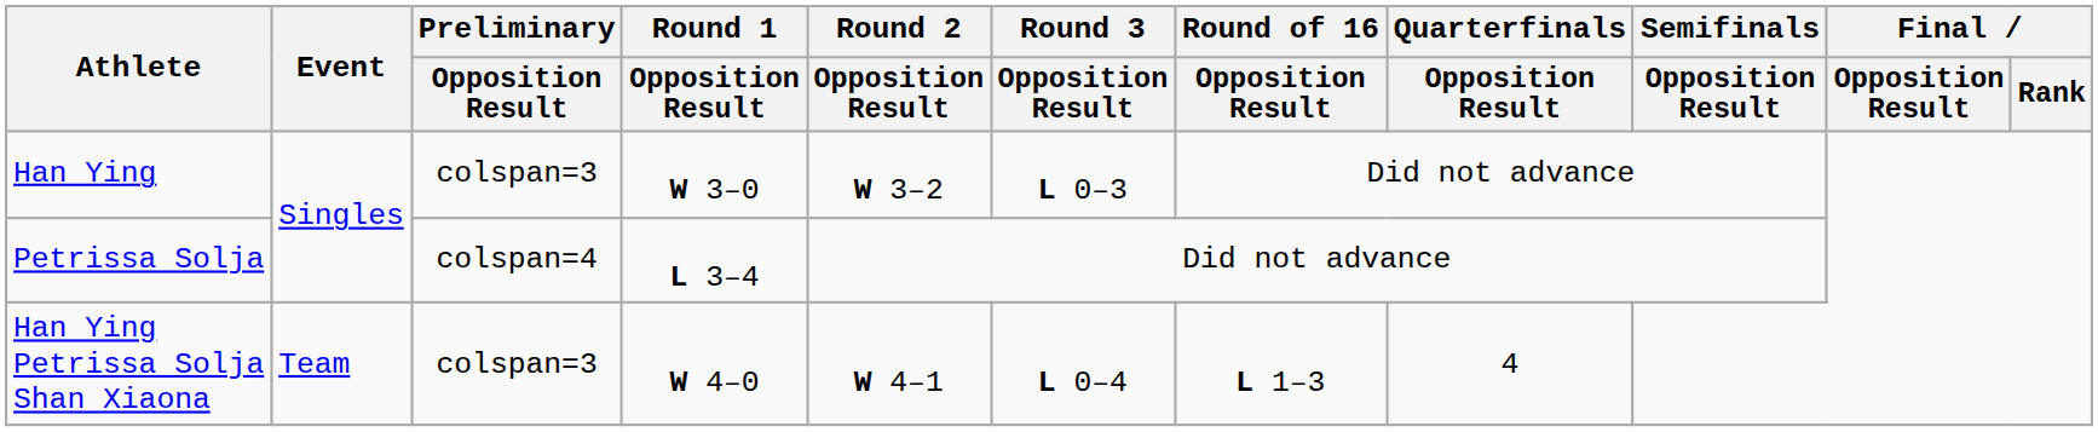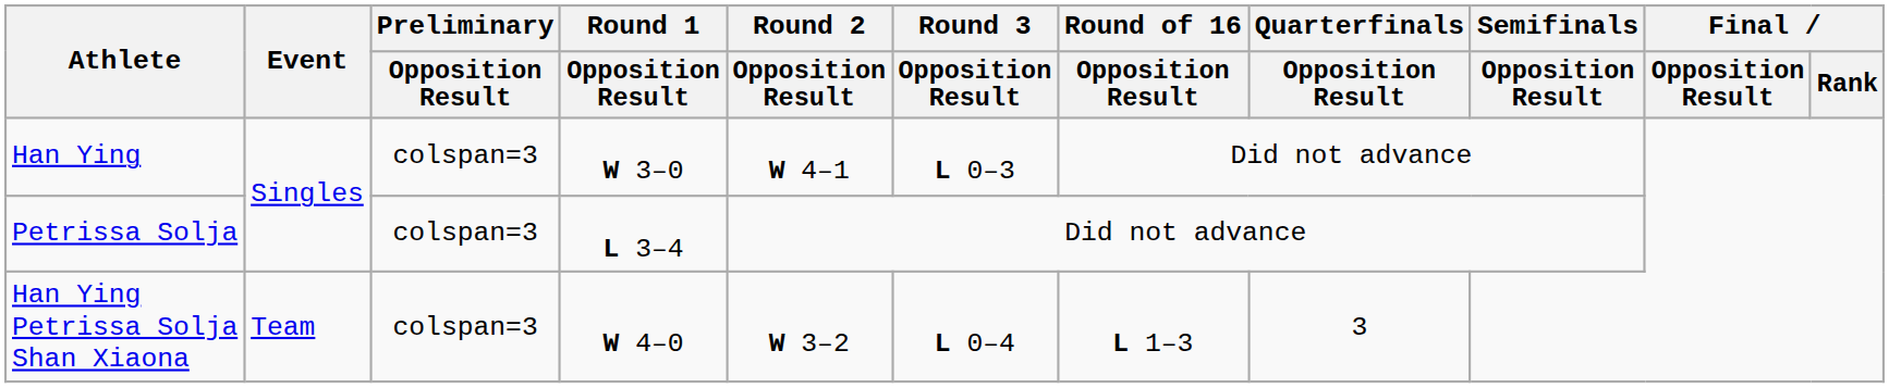 <table class="wikitable" style="font-size:90%">
 <tr>
 <th rowspan=2>Athlete</th>
 <th rowspan=2>Event</th>
 <th>Preliminary</th>
 <th>Round 1</th>
 <th>Round 2</th>
 <th>Round 3</th>
 <th>Round of 16</th>
 <th>Quarterfinals</th>
 <th>Semifinals</th>
 <th colspan=2>Final / </th>
 </tr>
 <tr style="font-size:95%">
 <th>Opposition<br>Result</th>
 <th>Opposition<br>Result</th>
 <th>Opposition<br>Result</th>
 <th>Opposition<br>Result</th>
 <th>Opposition<br>Result</th>
 <th>Opposition<br>Result</th>
 <th>Opposition<br>Result</th>
 <th>Opposition<br>Result</th>
 <th>Rank</th>
 </tr>
 <tr align=center>
 <td align=left><a href='#'>Han Ying</a></td>
 <td align=left rowspan=2><a href='#'>Singles</a></td>
 <td>colspan=3 </td>
 <td><br><strong>W</strong> 3–0</td>
-<td><br><strong>W</strong> 3–2</td>
+<td><br><strong>W</strong> 4–1</td>
 <td><br><strong>L</strong> 0–3</td>
 <td colspan=3>Did not advance</td>
 </tr>
 <tr align=center>
 <td align=left><a href='#'>Petrissa Solja</a></td>
-<td>colspan=4 </td>
+<td>colspan=3 </td>
 <td><br><strong>L</strong> 3–4</td>
 <td colspan=5>Did not advance</td>
 </tr>
 <tr align=center>
 <td align=left><a href='#'>Han Ying</a><br><a href='#'>Petrissa Solja</a><br><a href='#'>Shan Xiaona</a></td>
 <td align=left><a href='#'>Team</a></td>
 <td>colspan=3 </td>
 <td><br><strong>W</strong> 4–0</td>
-<td><br><strong>W</strong> 4–1</td>
+<td><br><strong>W</strong> 3–2</td>
 <td><br><strong>L</strong> 0–4</td>
 <td><br><strong>L</strong> 1–3</td>
-<td>4</td>
+<td>3</td>
 </tr>
 </table>
